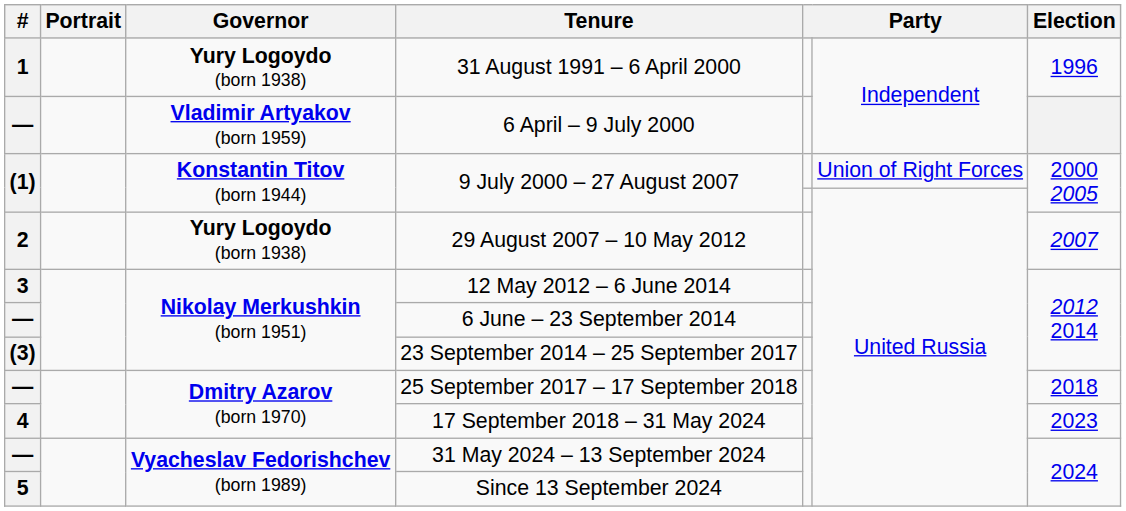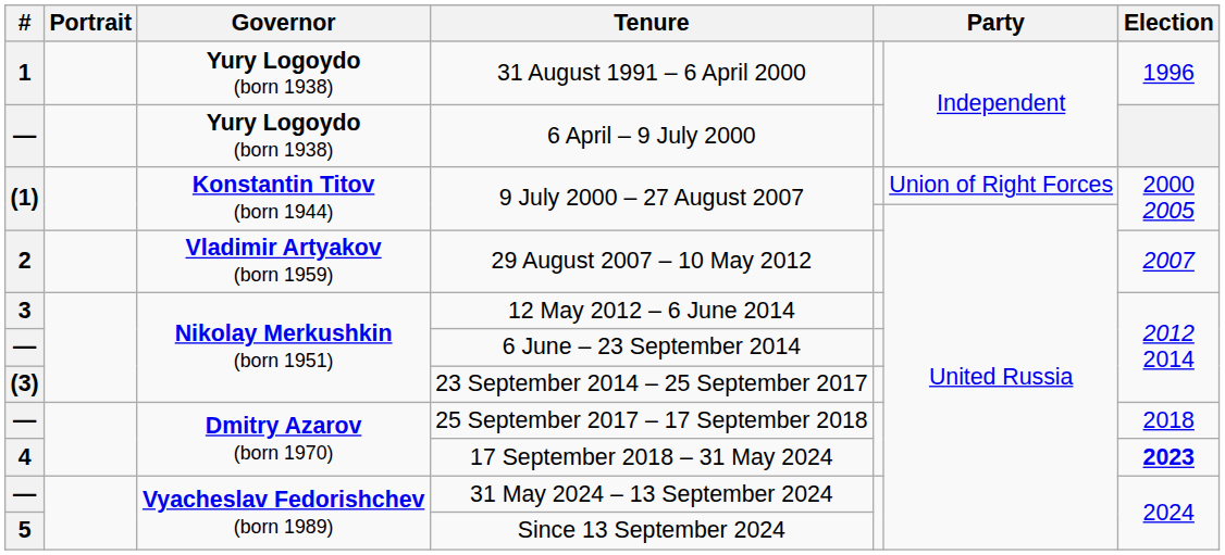 <table class="wikitable" style="text-align:center">
 <tr style="background:#cccccc" bgcolor=#E6E6AA>
 <th>#</th>
 <th>Portrait</th>
 <th>Governor</th>
 <th>Tenure</th>
 <th colspan="2">Party</th>
 <th>Election</th>
 </tr>
 <tr>
 <th>1</th>
 <td></td>
 <td><strong>Yury Logoydo</strong><br><small>(born 1938)</small></td>
 <td>31 August 1991 – 6 April 2000</td>
 <td style="background: "></td>
 <td rowspan=2><a href='#'>Independent</a></td>
 <td><a href='#'>1996</a></td>
 </tr>
 <tr>
 <th>—</th>
 <td></td>
-<td><strong><a href='#'>Vladimir Artyakov</a></strong><br><small>(born 1959)</small></td>
+<td><strong>Yury Logoydo</strong><br><small>(born 1938)</small></td>
 <td>6 April – 9 July 2000</td>
 <td style="background: "></td>
 <th></th>
 </tr>
 <tr>
 <th rowspan=2>(1)</th>
 <td rowspan=2></td>
 <td rowspan=2><strong><a href='#'>Konstantin Titov</a></strong><br><small>(born 1944)</small></td>
 <td rowspan=2>9 July 2000 – 27 August 2007</td>
 <td style="background: "></td>
 <td><a href='#'>Union of Right Forces</a></td>
 <td rowspan=2><a href='#'>2000</a><br><em><a href='#'>2005</a></em></td>
 </tr>
 <tr>
 <td style="background: "></td>
 <td rowspan=9><a href='#'>United Russia</a></td>
 </tr>
 <tr>
 <th>2</th>
 <td></td>
-<td><strong>Yury Logoydo</strong><br><small>(born 1938)</small></td>
+<td><strong><a href='#'>Vladimir Artyakov</a></strong><br><small>(born 1959)</small></td>
 <td>29 August 2007 – 10 May 2012</td>
 <td style="background: "></td>
 <td><em><a href='#'>2007</a></em></td>
 </tr>
 <tr>
 <th>3</th>
 <td rowspan=3></td>
 <td rowspan=3><strong><a href='#'>Nikolay Merkushkin</a></strong><br><small>(born 1951)</small></td>
 <td>12 May 2012 – 6 June 2014</td>
 <td style="background: "></td>
 <td rowspan=3><em><a href='#'>2012</a></em><br><a href='#'>2014</a></td>
 </tr>
 <tr>
 <th>—</th>
 <td>6 June – 23 September 2014</td>
 <td style="background: "></td>
 </tr>
 <tr>
 <th>(3)</th>
 <td>23 September 2014 – 25 September 2017</td>
 <td style="background: "></td>
 </tr>
 <tr>
 <th>—</th>
 <td rowspan=2></td>
 <td rowspan=2><strong><a href='#'>Dmitry Azarov</a></strong><br><small>(born 1970)</small></td>
 <td>25 September 2017 – 17 September 2018</td>
 <td rowspan=2 style="background: "></td>
 <td><a href='#'>2018</a></td>
 </tr>
 <tr>
 <th>4</th>
 <td>17 September 2018 – 31 May 2024</td>
-<td><a href='#'>2023</a></td>
+<td><strong><a href='#'>2023</a></strong></td>
 </tr>
 <tr>
 <th>—</th>
 <td rowspan=2></td>
 <td rowspan=2><strong><a href='#'>Vyacheslav Fedorishchev</a></strong><br><small>(born 1989)</small></td>
 <td>31 May 2024 – 13 September 2024</td>
 <td rowspan=2 style="background: "></td>
 <td rowspan=2><a href='#'>2024</a></td>
 </tr>
 <tr>
 <th>5</th>
 <td>Since 13 September 2024</td>
 </tr>
 </table>
